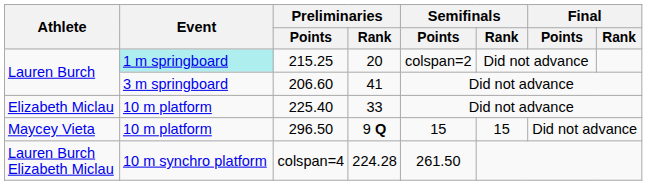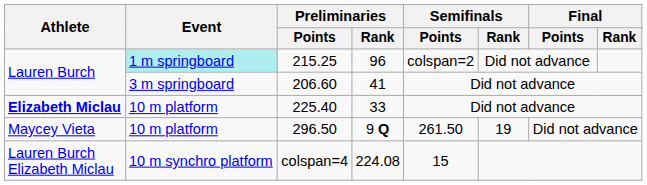 <table class="wikitable" style="text-align:center; font-size:90%; width:50%;">
 <tr>
 <th rowspan=2>Athlete</th>
 <th rowspan=2>Event</th>
 <th colspan=2>Preliminaries</th>
 <th colspan=2>Semifinals</th>
 <th colspan=2>Final</th>
 </tr>
 <tr style="font-size:95%">
 <th>Points</th>
 <th>Rank</th>
 <th>Points</th>
 <th>Rank</th>
 <th>Points</th>
 <th>Rank</th>
 </tr>
 <tr>
 <td align=left rowspan=2><a href='#'>Lauren Burch</a></td>
 <td align=left style="background: paleturquoise;"><a href='#'>1 m springboard</a></td>
 <td>215.25</td>
-<td>20</td>
+<td>96</td>
 <td>colspan=2 </td>
 <td colspan=2>Did not advance</td>
 </tr>
 <tr>
 <td align=left><a href='#'>3 m springboard</a></td>
 <td>206.60</td>
 <td>41</td>
 <td colspan=4>Did not advance</td>
 </tr>
 <tr>
-<td align=left><a href='#'>Elizabeth Miclau</a></td>
+<td align=left><strong><a href='#'>Elizabeth Miclau</a></strong></td>
 <td align=left><a href='#'>10 m platform</a></td>
 <td>225.40</td>
 <td>33</td>
 <td colspan=4>Did not advance</td>
 </tr>
 <tr>
 <td align=left><a href='#'>Maycey Vieta</a></td>
 <td align=left><a href='#'>10 m platform</a></td>
 <td>296.50</td>
 <td>9 <strong>Q</strong></td>
-<td>15</td>
-<td>15</td>
+<td>261.50</td>
+<td>19</td>
 <td colspan=2>Did not advance</td>
 </tr>
 <tr>
 <td align=left><a href='#'>Lauren Burch</a><br><a href='#'>Elizabeth Miclau</a></td>
 <td align=left><a href='#'>10 m synchro platform</a></td>
 <td>colspan=4 </td>
-<td>224.28</td>
-<td>261.50</td>
+<td>224.08</td>
+<td>15</td>
 </tr>
 </table>
